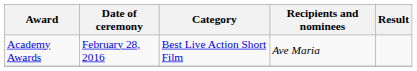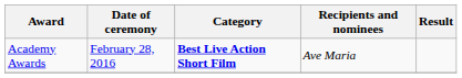 <table class="wikitable sortable" width="65%">
 <tr>
 <th>Award</th>
 <th>Date of ceremony</th>
 <th>Category</th>
 <th>Recipients and nominees</th>
 <th>Result</th>
 </tr>
 <tr>
 <td><a href='#'>Academy Awards</a></td>
 <td><a href='#'>February 28, 2016</a></td>
-<td><a href='#'>Best Live Action Short Film</a></td>
+<td><strong><a href='#'>Best Live Action Short Film</a></strong></td>
 <td><em>Ave Maria</em></td>
 <td></td>
 </tr>
 <tr>
 </tr>
 </table>
